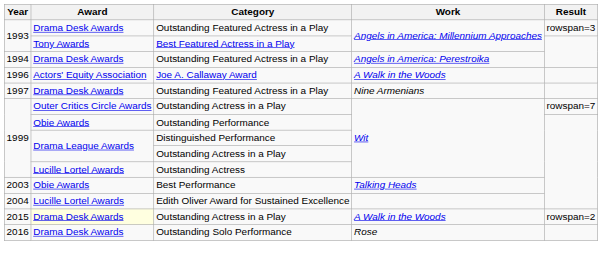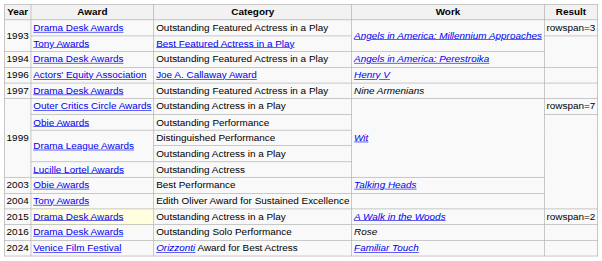 <table class="wikitable sortable">
 <tr>
 <th>Year</th>
 <th>Award</th>
 <th>Category</th>
 <th>Work</th>
 <th>Result</th>
 </tr>
 <tr>
 <td rowspan=2>1993</td>
 <td><a href='#'>Drama Desk Awards</a></td>
 <td>Outstanding Featured Actress in a Play</td>
 <td rowspan=2><em><a href='#'>Angels in America: Millennium Approaches</a></em></td>
 <td>rowspan=3 </td>
 </tr>
 <tr>
 <td><a href='#'>Tony Awards</a></td>
 <td><a href='#'>Best Featured Actress in a Play</a></td>
 </tr>
 <tr>
 <td>1994</td>
 <td><a href='#'>Drama Desk Awards</a></td>
 <td>Outstanding Featured Actress in a Play</td>
 <td><em><a href='#'>Angels in America: Perestroika</a></em></td>
 </tr>
 <tr>
 <td>1996</td>
 <td><a href='#'>Actors' Equity Association</a></td>
 <td><a href='#'>Joe A. Callaway Award</a></td>
-<td><em><a href='#'>A Walk in the Woods</a></em></td>
+<td><em><a href='#'>Henry V</a></em></td>
 <td></td>
 </tr>
 <tr>
 <td>1997</td>
 <td><a href='#'>Drama Desk Awards</a></td>
 <td>Outstanding Featured Actress in a Play</td>
 <td><em>Nine Armenians</em></td>
 <td></td>
 </tr>
 <tr>
 <td rowspan=5>1999</td>
 <td><a href='#'>Outer Critics Circle Awards</a></td>
 <td>Outstanding Actress in a Play</td>
 <td rowspan=5><em> <a href='#'>Wit</a></em></td>
 <td>rowspan=7 </td>
 </tr>
 <tr>
 <td><a href='#'>Obie Awards</a></td>
 <td>Outstanding Performance</td>
 </tr>
 <tr>
 <td rowspan=2><a href='#'>Drama League Awards</a></td>
 <td>Distinguished Performance</td>
 </tr>
 <tr>
 <td>Outstanding Actress in a Play</td>
 </tr>
 <tr>
 <td><a href='#'>Lucille Lortel Awards</a></td>
 <td>Outstanding Actress</td>
 </tr>
 <tr>
 <td>2003</td>
 <td><a href='#'>Obie Awards</a></td>
 <td>Best Performance</td>
 <td><em><a href='#'>Talking Heads</a></em></td>
 </tr>
 <tr>
 <td>2004</td>
-<td><a href='#'>Lucille Lortel Awards</a></td>
+<td><a href='#'>Tony Awards</a></td>
 <td>Edith Oliver Award for Sustained Excellence</td>
 <td></td>
 </tr>
 <tr>
 <td>2015</td>
 <td style="background: lightyellow;"><a href='#'>Drama Desk Awards</a></td>
 <td>Outstanding Actress in a Play</td>
 <td><em><a href='#'>A Walk in the Woods</a></em></td>
 <td>rowspan=2 </td>
 </tr>
 <tr>
 <td>2016</td>
 <td><a href='#'>Drama Desk Awards</a></td>
 <td>Outstanding Solo Performance</td>
 <td><em>Rose</em></td>
 </tr>
+<tr>
+<td>2024</td>
+<td><a href='#'>Venice Film Festival</a></td>
+<td><em><a href='#'>Orizzonti</a></em> Award for Best Actress</td>
+<td><em><a href='#'>Familiar Touch</a></em></td>
+<td></td>
+</tr>
 </table>
